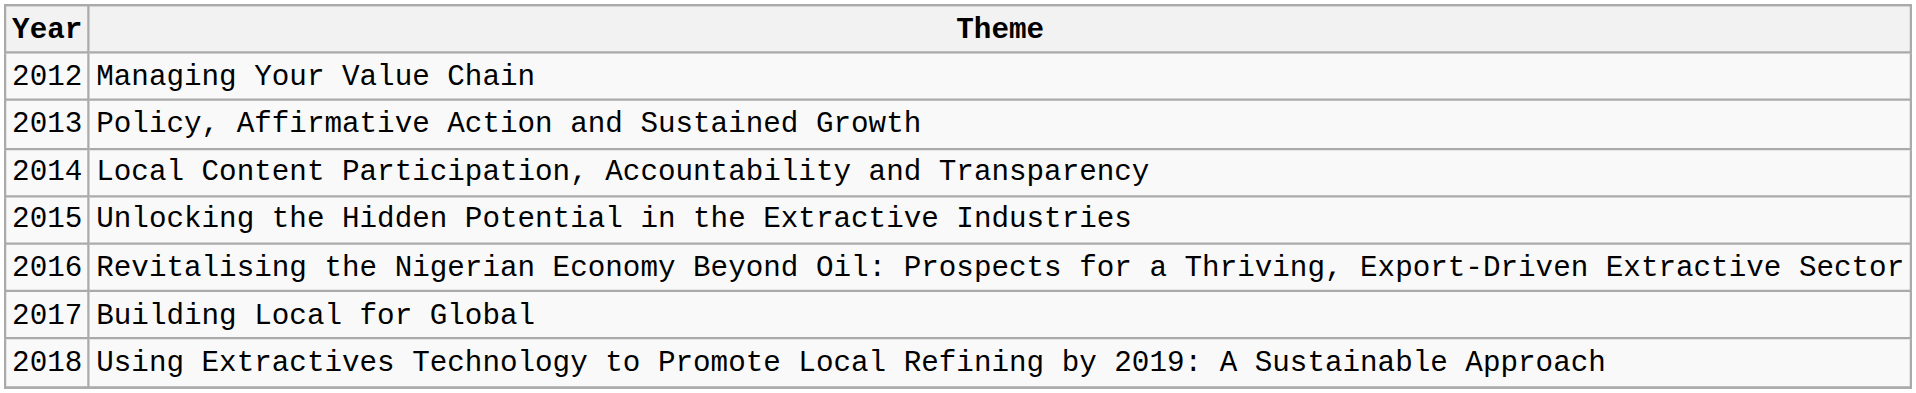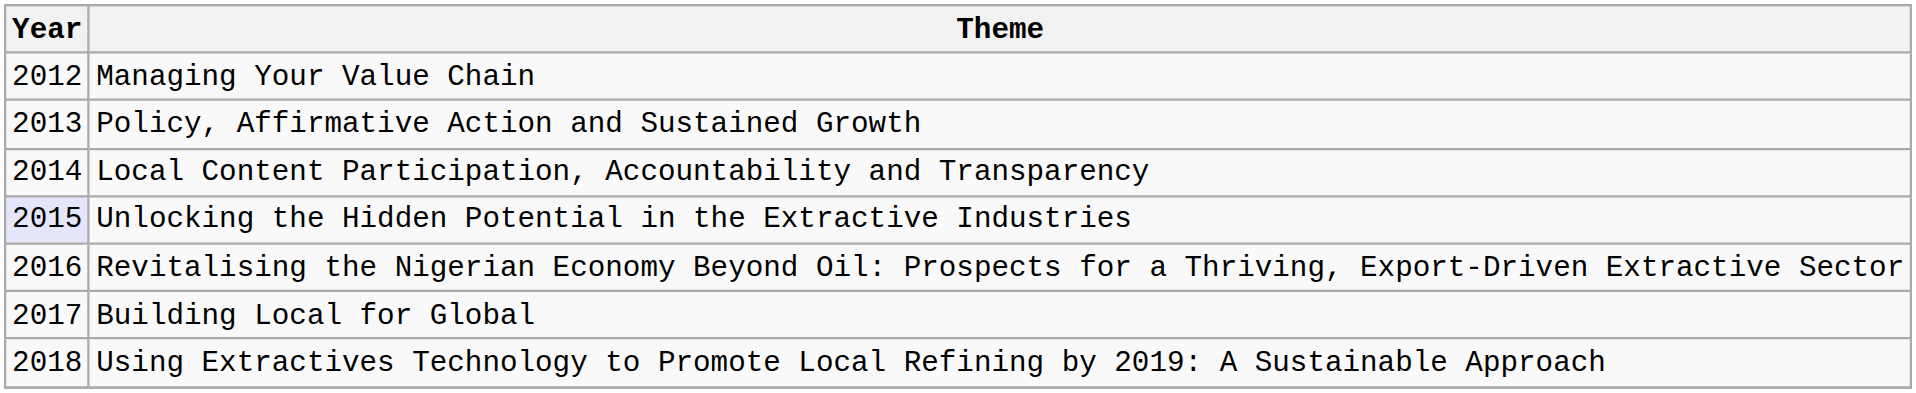 <table class="wikitable">
 <tr>
 </tr>
 <tr>
 <th>Year</th>
 <th>Theme</th>
 </tr>
 <tr>
 <td>2012</td>
 <td>Managing Your Value Chain</td>
 </tr>
 <tr>
 <td>2013</td>
 <td>Policy, Affirmative Action and Sustained Growth</td>
 </tr>
 <tr>
 <td>2014</td>
 <td>Local Content Participation, Accountability and Transparency</td>
 </tr>
 <tr>
-<td>2015</td>
+<td style="background: lavender;">2015</td>
 <td>Unlocking the Hidden Potential in the Extractive Industries</td>
 </tr>
 <tr>
 <td>2016</td>
 <td>Revitalising the Nigerian Economy Beyond Oil: Prospects for a Thriving, Export-Driven Extractive Sector</td>
 </tr>
 <tr>
 <td>2017</td>
 <td>Building Local for Global</td>
 </tr>
 <tr>
 <td>2018</td>
 <td>Using Extractives Technology to Promote Local Refining by 2019: A Sustainable Approach</td>
 </tr>
 <tr>
 </tr>
 </table>
